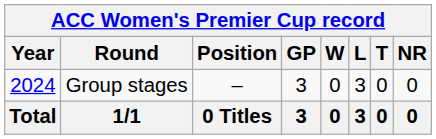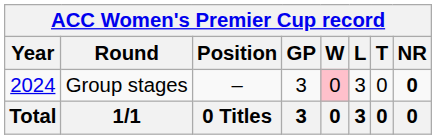 <table class="wikitable" style="text-align: center; width=900px;">
 <tr>
 <th colspan="8"><a href='#'>ACC Women's Premier Cup record</a></th>
 </tr>
 <tr>
 <th>Year</th>
 <th>Round</th>
 <th>Position</th>
 <th>GP</th>
 <th>W</th>
 <th>L</th>
 <th>T</th>
 <th>NR</th>
 </tr>
 <tr>
 <td><a href='#'>2024</a> </td>
 <td>Group stages</td>
 <td>–</td>
 <td>3</td>
-<td>0</td>
+<td style="background: pink;">0</td>
 <td>3</td>
 <td>0</td>
-<td>0</td>
+<td><strong>0</strong></td>
 </tr>
 <tr>
 <th>Total</th>
 <th>1/1</th>
 <th>0 Titles</th>
 <th>3</th>
 <th>0</th>
 <th>3</th>
 <th>0</th>
 <th>0</th>
 </tr>
 </table>
